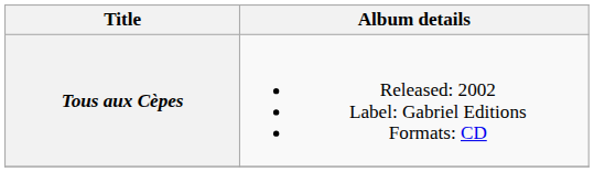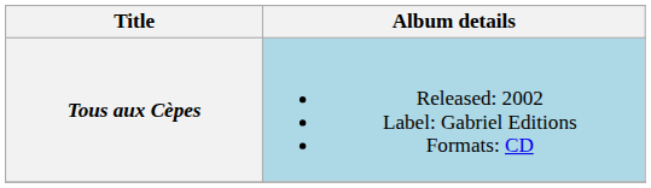 <table class="wikitable plainrowheaders" style="text-align:center;">
 <tr>
 <th scope="col" style="width:12em;">Title</th>
 <th scope="col" style="width:18em;">Album details</th>
 </tr>
 <tr>
 <th scope="row"><em>Tous aux Cèpes</em></th>
-<td><br><ul><li>Released: 2002</li><li>Label: Gabriel Editions</li><li>Formats: <a href='#'>CD</a></li></ul></td>
+<td style="background: lightblue;"><br><ul><li>Released: 2002</li><li>Label: Gabriel Editions</li><li>Formats: <a href='#'>CD</a></li></ul></td>
 </tr>
 <tr>
 </tr>
 </table>
